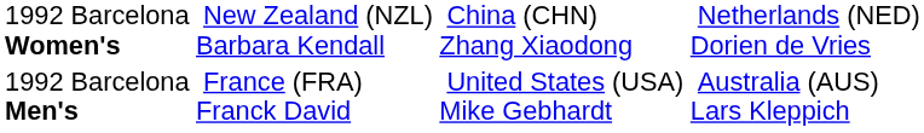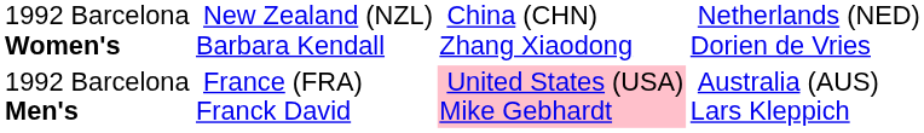 <table>
 <tr>
 <td style="align:center;">1992 Barcelona<br><strong>Women's</strong> <br></td>
 <td style="vertical-align:top;"> <a href='#'>New Zealand</a> <span>(NZL)</span><br><a href='#'>Barbara Kendall</a></td>
 <td style="vertical-align:top;"> <a href='#'>China</a> <span>(CHN)</span><br><a href='#'>Zhang Xiaodong</a></td>
 <td style="vertical-align:top;"> <a href='#'>Netherlands</a> <span>(NED)</span><br><a href='#'>Dorien de Vries</a></td>
 </tr>
 <tr>
 <td style="align:center;">1992 Barcelona<br><strong>Men's</strong> <br></td>
 <td style="vertical-align:top;"> <a href='#'>France</a> <span>(FRA)</span><br><a href='#'>Franck David</a></td>
-<td style="vertical-align:top;"> <a href='#'>United States</a> <span>(USA)</span><br><a href='#'>Mike Gebhardt</a></td>
+<td style="background: pink; vertical-align:top;"> <a href='#'>United States</a> <span>(USA)</span><br><a href='#'>Mike Gebhardt</a></td>
 <td style="vertical-align:top;"> <a href='#'>Australia</a> <span>(AUS)</span><br><a href='#'>Lars Kleppich</a></td>
 </tr>
 </table>
